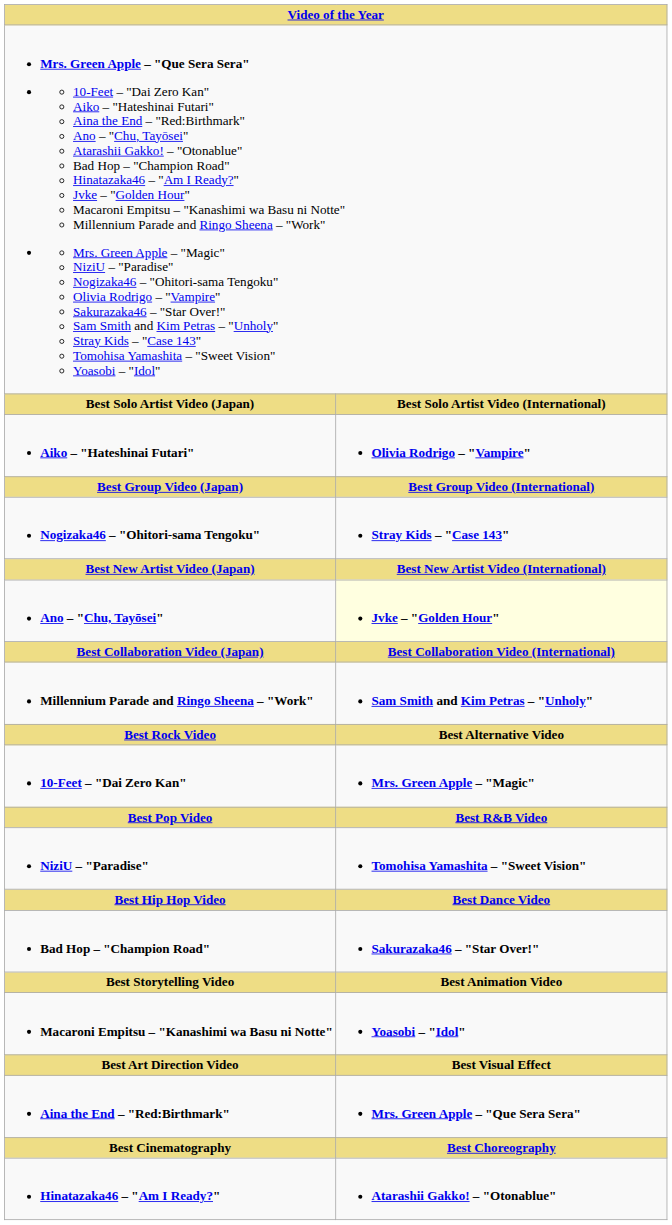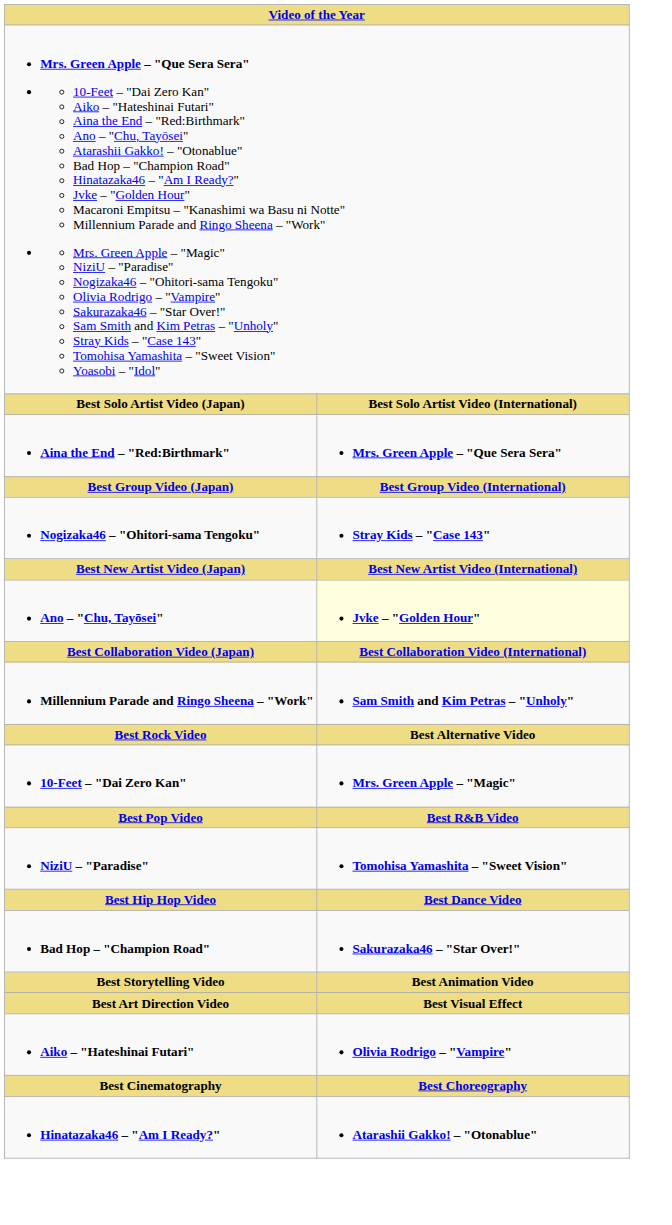 <table class="wikitable">
 <tr>
 <th scope="col" style="background:#EEDD85; width:100%" colspan="2"><a href='#'>Video of the Year</a></th>
 </tr>
 <tr>
 <td style="vertical-align:top" colspan="2"><br><ul><li><strong><a href='#'>Mrs. Green Apple</a> – "Que Sera Sera"</strong></li></ul> <ul><li><ul><li><a href='#'>10-Feet</a> – "Dai Zero Kan"</li><li><a href='#'>Aiko</a> – "Hateshinai Futari"</li><li><a href='#'>Aina the End</a> – "Red:Birthmark"</li><li><a href='#'>Ano</a> – "<a href='#'>Chu, Tayōsei</a>"</li><li><a href='#'>Atarashii Gakko!</a> – "Otonablue"</li><li>Bad Hop – "Champion Road"</li><li><a href='#'>Hinatazaka46</a> – "<a href='#'>Am I Ready?</a>"</li><li><a href='#'>Jvke</a> – "<a href='#'>Golden Hour</a>"</li><li>Macaroni Empitsu – "Kanashimi wa Basu ni Notte"</li><li>Millennium Parade and <a href='#'>Ringo Sheena</a> – "Work"</li></ul></li></ul><ul><li><ul><li><a href='#'>Mrs. Green Apple</a> – "Magic"</li><li><a href='#'>NiziU</a> – "Paradise"</li><li><a href='#'>Nogizaka46</a> – "Ohitori-sama Tengoku"</li><li><a href='#'>Olivia Rodrigo</a> – "<a href='#'>Vampire</a>"</li><li><a href='#'>Sakurazaka46</a> – "Star Over!"</li><li><a href='#'>Sam Smith</a> and <a href='#'>Kim Petras</a> – "<a href='#'>Unholy</a>"</li><li><a href='#'>Stray Kids</a> – "<a href='#'>Case 143</a>"</li><li><a href='#'>Tomohisa Yamashita</a> – "Sweet Vision"</li><li><a href='#'>Yoasobi</a> – "<a href='#'>Idol</a>"</li></ul></li></ul></td>
 </tr>
 <tr>
 <th scope="col" style="background:#EEDD85; width:50%">Best Solo Artist Video (Japan)</th>
 <th scope="col" style="background:#EEDD85; width:50%">Best Solo Artist Video (International)</th>
 </tr>
 <tr>
-<td style="vertical-align:top"><br><ul><li><strong><a href='#'>Aiko</a> – "Hateshinai Futari"</strong></li></ul></td>
-<td style="vertical-align:top"><br><ul><li><strong><a href='#'>Olivia Rodrigo</a> – "<a href='#'>Vampire</a>"</strong></li></ul></td>
+<td style="vertical-align:top"><br><ul><li><strong><a href='#'>Aina the End</a> – "Red:Birthmark"</strong></li></ul></td>
+<td style="vertical-align:top"><br><ul><li><strong><a href='#'>Mrs. Green Apple</a> – "Que Sera Sera"</strong></li></ul></td>
 </tr>
 <tr>
 <th scope="col" style="background:#EEDD85; width:50%"><a href='#'>Best Group Video (Japan)</a></th>
 <th scope="col" style="background:#EEDD85; width:50%"><a href='#'>Best Group Video (International)</a></th>
 </tr>
 <tr>
 <td style="vertical-align:top"><br><ul><li><strong><a href='#'>Nogizaka46</a> – "Ohitori-sama Tengoku"</strong></li></ul></td>
 <td style="vertical-align:top"><br><ul><li><strong><a href='#'>Stray Kids</a> – "<a href='#'>Case 143</a>"</strong></li></ul></td>
 </tr>
 <tr>
 <th scope="col" style="background:#EEDD85; width:50%"><a href='#'>Best New Artist Video (Japan)</a></th>
 <th scope="col" style="background:#EEDD85; width:50%"><a href='#'>Best New Artist Video (International)</a></th>
 </tr>
 <tr>
 <td style="vertical-align:top"><br><ul><li><strong><a href='#'>Ano</a> – "<a href='#'>Chu, Tayōsei</a>"</strong></li></ul></td>
 <td style="background: lightyellow; vertical-align:top"><br><ul><li><strong><a href='#'>Jvke</a> – "<a href='#'>Golden Hour</a>"</strong></li></ul></td>
 </tr>
 <tr>
 <th scope="col" style="background:#EEDD85; width:50%"><a href='#'>Best Collaboration Video (Japan)</a></th>
 <th scope="col" style="background:#EEDD85; width:50%"><a href='#'>Best Collaboration Video (International)</a></th>
 </tr>
 <tr>
 <td style="vertical-align:top"><br><ul><li><strong>Millennium Parade and <a href='#'>Ringo Sheena</a> – "Work"</strong></li></ul></td>
 <td style="vertical-align:top"><br><ul><li><strong><a href='#'>Sam Smith</a> and <a href='#'>Kim Petras</a> – "<a href='#'>Unholy</a>"</strong></li></ul></td>
 </tr>
 <tr>
 <th scope="col" style="background:#EEDD85; width:50%"><a href='#'>Best Rock Video</a></th>
 <th scope="col" style="background:#EEDD85; width:50%">Best Alternative Video</th>
 </tr>
 <tr>
 <td style="vertical-align:top"><br><ul><li><strong><a href='#'>10-Feet</a> – "Dai Zero Kan"</strong></li></ul></td>
 <td style="vertical-align:top"><br><ul><li><strong><a href='#'>Mrs. Green Apple</a> – "Magic"</strong></li></ul></td>
 </tr>
 <tr>
 <th scope="col" style="background:#EEDD85; width:50%"><a href='#'>Best Pop Video</a></th>
 <th scope="col" style="background:#EEDD85; width:50%"><a href='#'>Best R&B Video</a></th>
 </tr>
 <tr>
 <td style="vertical-align:top"><br><ul><li><strong><a href='#'>NiziU</a> – "Paradise"</strong></li></ul></td>
 <td style="vertical-align:top"><br><ul><li><strong><a href='#'>Tomohisa Yamashita</a> – "Sweet Vision"</strong></li></ul></td>
 </tr>
 <tr>
 <th scope="col" style="background:#EEDD85; width:50%"><a href='#'>Best Hip Hop Video</a></th>
 <th scope="col" style="background:#EEDD85; width:50%"><a href='#'>Best Dance Video</a></th>
 </tr>
 <tr>
 <td style="vertical-align:top"><br><ul><li><strong>Bad Hop – "Champion Road"</strong></li></ul></td>
 <td style="vertical-align:top"><br><ul><li><strong><a href='#'>Sakurazaka46</a> – "Star Over!"</strong></li></ul></td>
 </tr>
 <tr>
 <th scope="col" style="background:#EEDD85; width:50%">Best Storytelling Video</th>
 <th scope="col" style="background:#EEDD85; width:50%">Best Animation Video</th>
 </tr>
 <tr>
-<td style="vertical-align:top"><br><ul><li><strong>Macaroni Empitsu – "Kanashimi wa Basu ni Notte"</strong></li></ul></td>
-<td style="vertical-align:top"><br><ul><li><strong><a href='#'>Yoasobi</a> – "<a href='#'>Idol</a>"</strong></li></ul></td>
-</tr>
-<tr>
 <th scope="col" style="background:#EEDD85; width:50%">Best Art Direction Video</th>
 <th scope="col" style="background:#EEDD85; width:50%">Best Visual Effect</th>
 </tr>
 <tr>
-<td style="vertical-align:top"><br><ul><li><strong><a href='#'>Aina the End</a> – "Red:Birthmark"</strong></li></ul></td>
-<td style="vertical-align:top"><br><ul><li><strong><a href='#'>Mrs. Green Apple</a> – "Que Sera Sera"</strong></li></ul></td>
+<td style="vertical-align:top"><br><ul><li><strong><a href='#'>Aiko</a> – "Hateshinai Futari"</strong></li></ul></td>
+<td style="vertical-align:top"><br><ul><li><strong><a href='#'>Olivia Rodrigo</a> – "<a href='#'>Vampire</a>"</strong></li></ul></td>
 </tr>
 <tr>
 <th scope="col" style="background:#EEDD85; width:50%">Best Cinematography</th>
 <th scope="col" style="background:#EEDD85; width:50%"><a href='#'>Best Choreography</a></th>
 </tr>
 <tr>
 <td style="vertical-align:top"><br><ul><li><strong><a href='#'>Hinatazaka46</a> – "<a href='#'>Am I Ready?</a>"</strong></li></ul></td>
 <td style="vertical-align:top"><br><ul><li><strong><a href='#'>Atarashii Gakko!</a> – "Otonablue"</strong></li></ul></td>
 </tr>
 </table>
